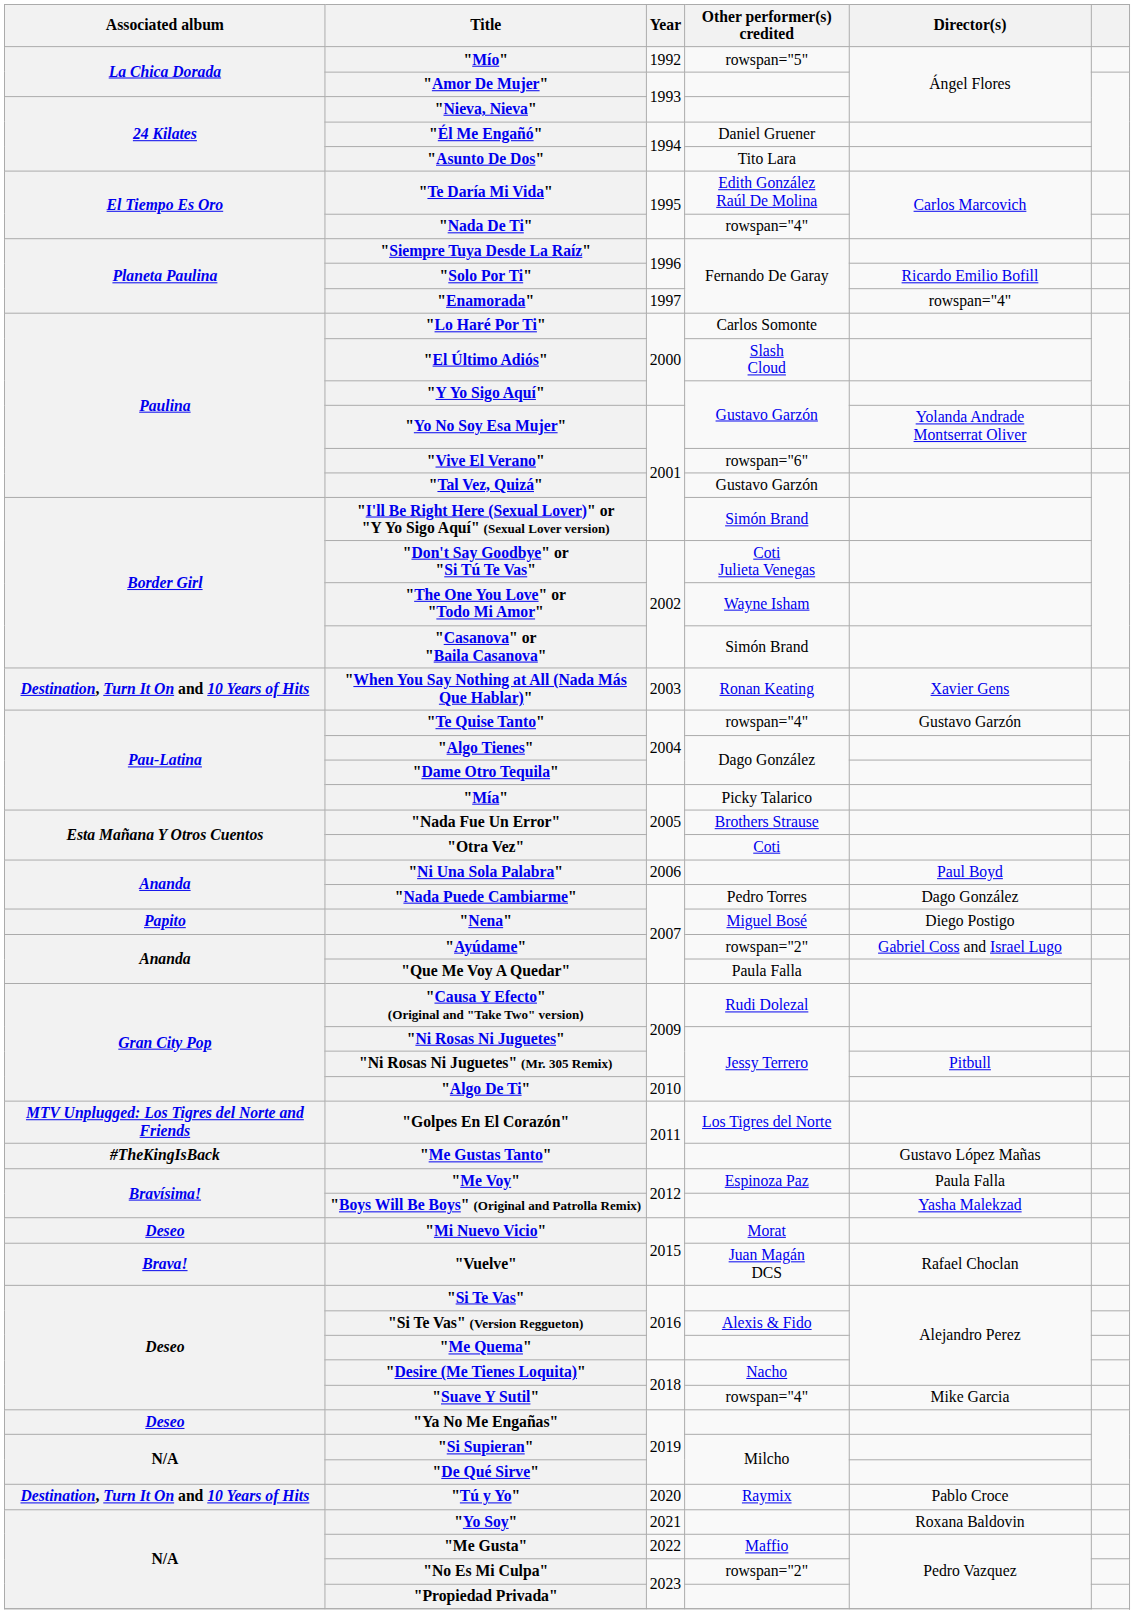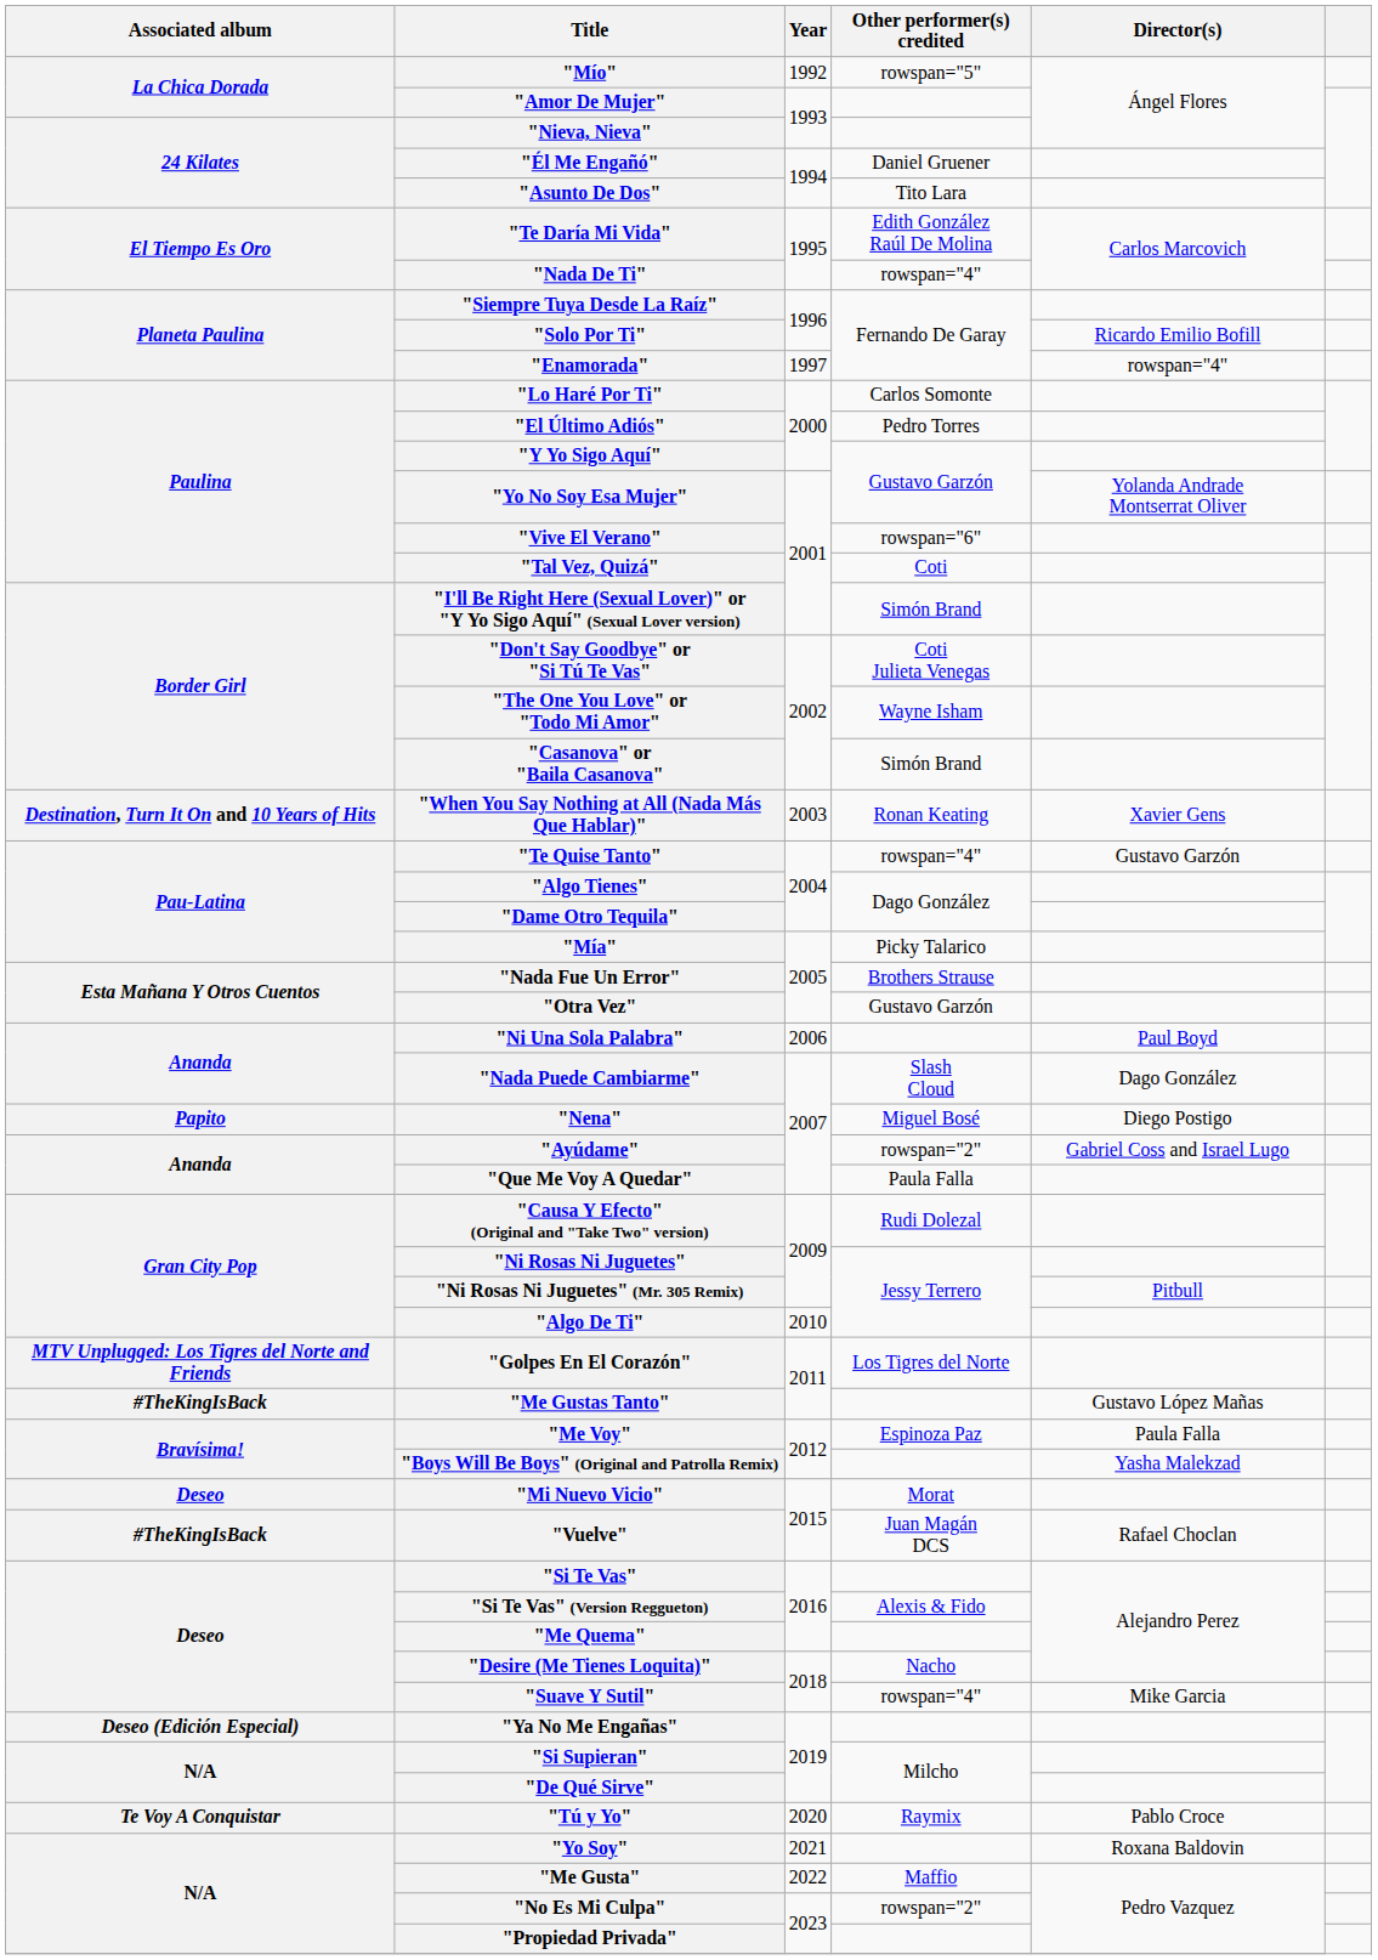 <table class="wikitable sortable plainrowheaders" style="text-align:center;">
 <tr>
 <th scope="col" style="width:20em;">Associated album</th>
 <th scope="col" style="width:20em;">Title</th>
 <th scope="col">Year</th>
 <th scope="col" style="width:10em;">Other performer(s) credited</th>
 <th scope="col" style="width:15em;">Director(s)</th>
 <th scope="col" style="width:2em;" class="unsortable"></th>
 </tr>
 <tr>
 <th scope="row" rowspan="2" style="text-align:center;"><em><a href='#'>La Chica Dorada</a></em></th>
 <th scope="row">"<a href='#'>Mío</a>"</th>
 <td>1992</td>
 <td>rowspan="5" </td>
 <td rowspan="3">Ángel Flores</td>
 <td style="text-align:center;"></td>
 </tr>
 <tr>
 <th scope="row">"<a href='#'>Amor De Mujer</a>"</th>
 <td rowspan="2">1993</td>
 <td style="text-align:center;"></td>
 </tr>
 <tr>
 <th scope="row" rowspan="3" style="text-align:center;"><em><a href='#'>24 Kilates</a></em></th>
 <th scope="row">"<a href='#'>Nieva, Nieva</a>"</th>
 <td style="text-align:center;"></td>
 </tr>
 <tr>
 <th scope="row">"<a href='#'>Él Me Engañó</a>"</th>
 <td rowspan="2">1994</td>
 <td>Daniel Gruener</td>
 <td style="text-align:center;"></td>
 </tr>
 <tr>
 <th scope="row">"<a href='#'>Asunto De Dos</a>"</th>
 <td>Tito Lara</td>
 <td style="text-align:center;"></td>
 </tr>
 <tr>
 <th scope="row" rowspan="2" style="text-align:center;"><em><a href='#'>El Tiempo Es Oro</a></em></th>
 <th scope="row">"<a href='#'>Te Daría Mi Vida</a>"</th>
 <td rowspan="2">1995</td>
 <td><a href='#'>Edith González</a><br><a href='#'>Raúl De Molina</a></td>
 <td rowspan="2"><a href='#'>Carlos Marcovich</a></td>
 <td style="text-align:center;"></td>
 </tr>
 <tr>
 <th scope="row">"<a href='#'>Nada De Ti</a>"</th>
 <td>rowspan="4" </td>
 <td style="text-align:center;"></td>
 </tr>
 <tr>
 <th scope="row" rowspan="3" style="text-align:center;"><em><a href='#'>Planeta Paulina</a></em></th>
 <th scope="row">"<a href='#'>Siempre Tuya Desde La Raíz</a>"</th>
 <td rowspan="2">1996</td>
 <td rowspan="3">Fernando De Garay</td>
 <td style="text-align:center;"></td>
 </tr>
 <tr>
 <th scope="row">"<a href='#'>Solo Por Ti</a>"</th>
 <td><a href='#'>Ricardo Emilio Bofill</a></td>
 <td style="text-align:center;"></td>
 </tr>
 <tr>
 <th scope="row">"<a href='#'>Enamorada</a>"</th>
 <td>1997</td>
 <td>rowspan="4" </td>
 <td style="text-align:center;"></td>
 </tr>
 <tr>
 <th scope="row" rowspan="6" style="text-align:center;"><em><a href='#'>Paulina</a></em></th>
 <th scope="row">"<a href='#'>Lo Haré Por Ti</a>"</th>
 <td rowspan="3">2000</td>
 <td>Carlos Somonte</td>
 <td style="text-align:center;"></td>
 </tr>
 <tr>
 <th scope="row">"<a href='#'>El Último Adiós</a>"</th>
-<td><a href='#'>Slash</a><br><a href='#'>Cloud</a></td>
+<td>Pedro Torres</td>
 <td style="text-align:center;"></td>
 </tr>
 <tr>
 <th scope="row">"<a href='#'>Y Yo Sigo Aquí</a>"</th>
 <td rowspan="2"><a href='#'>Gustavo Garzón</a></td>
 <td style="text-align:center;"></td>
 </tr>
 <tr>
 <th scope="row">"<a href='#'>Yo No Soy Esa Mujer</a>"</th>
 <td rowspan="4">2001</td>
 <td><a href='#'>Yolanda Andrade</a><br><a href='#'>Montserrat Oliver</a></td>
 <td style="text-align:center;"></td>
 </tr>
 <tr>
 <th scope="row">"<a href='#'>Vive El Verano</a>"</th>
 <td>rowspan="6" </td>
 <td></td>
 <td style="text-align:center;"></td>
 </tr>
 <tr>
 <th scope="row">"<a href='#'>Tal Vez, Quizá</a>"</th>
-<td>Gustavo Garzón</td>
+<td><a href='#'>Coti</a></td>
 <td style="text-align:center;"></td>
 </tr>
 <tr>
 <th scope="row" rowspan="4" style="text-align:center;"><em><a href='#'>Border Girl</a></em></th>
 <th scope="row">"<a href='#'>I'll Be Right Here (Sexual Lover)</a>" or  <br> "Y Yo Sigo Aquí" <small>(Sexual Lover version)</small></th>
 <td><a href='#'>Simón Brand</a></td>
 <td style="text-align:center;"></td>
 </tr>
 <tr>
 <th scope="row">"<a href='#'>Don't Say Goodbye</a>" or  <br> "<a href='#'>Si Tú Te Vas</a>"</th>
 <td rowspan="3">2002</td>
 <td><a href='#'>Coti</a><br><a href='#'>Julieta Venegas</a></td>
 <td style="text-align:center;"></td>
 </tr>
 <tr>
 <th scope="row">"<a href='#'>The One You Love</a>" or  <br> "<a href='#'>Todo Mi Amor</a>"</th>
 <td><a href='#'>Wayne Isham</a></td>
 <td style="text-align:center;"></td>
 </tr>
 <tr>
 <th scope="row">"<a href='#'>Casanova</a>" or  <br> "<a href='#'>Baila Casanova</a>"</th>
 <td>Simón Brand</td>
 <td style="text-align:center;"></td>
 </tr>
 <tr>
 <th scope="row" rowspan="1" style="text-align:center;"><em><a href='#'>Destination</a></em>, <em><a href='#'>Turn It On</a></em> and <em><a href='#'>10 Years of Hits</a></em></th>
 <th scope="row">"<a href='#'>When You Say Nothing at All (Nada Más Que Hablar)</a>"</th>
 <td>2003</td>
 <td><a href='#'>Ronan Keating</a></td>
 <td><a href='#'>Xavier Gens</a></td>
 <td style="text-align:center;"></td>
 </tr>
 <tr>
 <th scope="row" rowspan="4" style="text-align:center;"><em><a href='#'>Pau-Latina</a></em></th>
 <th scope="row">"<a href='#'>Te Quise Tanto</a>"</th>
 <td rowspan="3">2004</td>
 <td>rowspan="4" </td>
 <td>Gustavo Garzón</td>
 <td style="text-align:center;"></td>
 </tr>
 <tr>
 <th scope="row">"<a href='#'>Algo Tienes</a>"</th>
 <td rowspan="2">Dago González</td>
 <td style="text-align:center;"></td>
 </tr>
 <tr>
 <th scope="row">"<a href='#'>Dame Otro Tequila</a>"</th>
 <td style="text-align:center;"></td>
 </tr>
 <tr>
 <th scope="row">"<a href='#'>Mía</a>"</th>
 <td rowspan="3">2005</td>
 <td>Picky Talarico</td>
 <td style="text-align:center;"></td>
 </tr>
 <tr>
 <th scope="row" rowspan="2" style="text-align:center;"><em>Esta Mañana Y Otros Cuentos</em></th>
 <th scope="row">"Nada Fue Un Error"</th>
 <td><a href='#'>Brothers Strause</a></td>
 <td></td>
 <td style="text-align:center;"></td>
 </tr>
 <tr>
 <th scope="row">"Otra Vez"</th>
-<td><a href='#'>Coti</a></td>
+<td>Gustavo Garzón</td>
 <td></td>
 <td style="text-align:center;"></td>
 </tr>
 <tr>
 <th scope="row" rowspan="2" style="text-align:center;"><em><a href='#'>Ananda</a></em></th>
 <th scope="row">"<a href='#'>Ni Una Sola Palabra</a>"</th>
 <td>2006</td>
 <td></td>
 <td><a href='#'>Paul Boyd</a></td>
 <td style="text-align:center;"></td>
 </tr>
 <tr>
 <th scope="row">"<a href='#'>Nada Puede Cambiarme</a>"</th>
 <td rowspan="4">2007</td>
-<td>Pedro Torres</td>
+<td><a href='#'>Slash</a><br><a href='#'>Cloud</a></td>
 <td>Dago González</td>
 <td style="text-align:center;"></td>
 </tr>
 <tr>
 <th scope="row" rowspan="1" style="text-align:center;"><em><a href='#'>Papito</a></em></th>
 <th scope="row">"<a href='#'>Nena</a>"</th>
 <td><a href='#'>Miguel Bosé</a></td>
 <td>Diego Postigo</td>
 <td style="text-align:center;"></td>
 </tr>
 <tr>
 <th scope="row" rowspan="2" style="text-align:center;"><em>Ananda</em></th>
 <th scope="row">"<a href='#'>Ayúdame</a>"</th>
 <td>rowspan="2" </td>
 <td><a href='#'>Gabriel Coss</a> and <a href='#'>Israel Lugo</a></td>
 <td style="text-align:center;"></td>
 </tr>
 <tr>
 <th scope="row">"Que Me Voy A Quedar"</th>
 <td>Paula Falla</td>
 <td style="text-align:center;"></td>
 </tr>
 <tr>
 <th scope="row" rowspan="4" style="text-align:center;"><em><a href='#'>Gran City Pop</a></em></th>
 <th scope="row">"<a href='#'>Causa Y Efecto</a>"  <br> <small>(Original and "Take Two" version)</small></th>
 <td rowspan="3">2009</td>
 <td><a href='#'>Rudi Dolezal</a></td>
 <td style="text-align:center;"></td>
 </tr>
 <tr>
 <th scope="row">"<a href='#'>Ni Rosas Ni Juguetes</a>"</th>
 <td rowspan="3"><a href='#'>Jessy Terrero</a></td>
 <td style="text-align:center;"></td>
 </tr>
 <tr>
 <th scope="row">"Ni Rosas Ni Juguetes"  <small>(Mr. 305 Remix)</small></th>
 <td><a href='#'>Pitbull</a></td>
 <td style="text-align:center;"></td>
 </tr>
 <tr>
 <th scope="row">"<a href='#'>Algo De Ti</a>"</th>
 <td>2010</td>
 <td></td>
 <td style="text-align:center;"></td>
 </tr>
 <tr>
 <th scope="row" rowspan="1" style="text-align:center;"><em><a href='#'>MTV Unplugged: Los Tigres del Norte and Friends</a></em></th>
 <th scope="row">"Golpes En El Corazón"</th>
 <td rowspan="2">2011</td>
 <td><a href='#'>Los Tigres del Norte</a></td>
 <td></td>
 <td style="text-align:center;"></td>
 </tr>
 <tr>
 <th scope="row" rowspan="1" style="text-align:center;"><em>#TheKingIsBack</em></th>
 <th scope="row">"<a href='#'>Me Gustas Tanto</a>"</th>
 <td></td>
 <td>Gustavo López Mañas</td>
 <td style="text-align:center;"></td>
 </tr>
 <tr>
 <th scope="row" rowspan="2" style="text-align:center;"><em><a href='#'>Bravísima!</a></em></th>
 <th scope="row">"<a href='#'>Me Voy</a>"</th>
 <td rowspan="2">2012</td>
 <td><a href='#'>Espinoza Paz</a></td>
 <td>Paula Falla</td>
 <td style="text-align:center;"></td>
 </tr>
 <tr>
 <th scope="row">"<a href='#'>Boys Will Be Boys</a>" <small>(Original and Patrolla Remix)</small></th>
 <td></td>
 <td><a href='#'>Yasha Malekzad</a></td>
 <td style="text-align:center;"></td>
 </tr>
 <tr>
 <th scope="row" rowspan="1" style="text-align:center;"><em><a href='#'>Deseo</a></em></th>
 <th scope="row">"<a href='#'>Mi Nuevo Vicio</a>"</th>
 <td rowspan="2">2015</td>
 <td><a href='#'>Morat</a></td>
 <td></td>
 <td style="text-align:center;"></td>
 </tr>
 <tr>
-<th scope="row" rowspan="1" style="text-align:center;"><em><a href='#'>Brava!</a></em></th>
+<th scope="row" rowspan="1" style="text-align:center;"><em>#TheKingIsBack</em></th>
 <th scope="row">"Vuelve"</th>
 <td><a href='#'>Juan Magán</a><br>DCS</td>
 <td>Rafael Choclan</td>
 <td style="text-align:center;"></td>
 </tr>
 <tr>
 <th scope="row" rowspan="5" style="text-align:center;"><em>Deseo</em></th>
 <th scope="row">"<a href='#'>Si Te Vas</a>"</th>
 <td rowspan="3">2016</td>
 <td></td>
 <td rowspan="4">Alejandro Perez</td>
 <td style="text-align:center;"></td>
 </tr>
 <tr>
 <th scope="row">"Si Te Vas"  <small>(Version Reggueton)</small></th>
 <td><a href='#'>Alexis & Fido</a></td>
 <td style="text-align:center;"></td>
 </tr>
 <tr>
 <th scope="row">"<a href='#'>Me Quema</a>"</th>
 <td></td>
 <td style="text-align:center;"></td>
 </tr>
 <tr>
 <th scope="row">"<a href='#'>Desire (Me Tienes Loquita)</a>"</th>
 <td rowspan="2">2018</td>
 <td><a href='#'>Nacho</a></td>
 <td style="text-align:center;"></td>
 </tr>
 <tr>
 <th scope="row">"<a href='#'>Suave Y Sutil</a>"</th>
 <td>rowspan="4" </td>
 <td>Mike Garcia</td>
 <td style="text-align:center;"></td>
 </tr>
 <tr>
-<th scope="row" rowspan="1" style="text-align:center;"><em><a href='#'>Deseo</a></em></th>
+<th scope="row" rowspan="1" style="text-align:center;"><em>Deseo (Edición Especial)</em></th>
 <th scope="row">"Ya No Me Engañas"</th>
 <td rowspan="3">2019</td>
 <td></td>
 <td style="text-align:center;"></td>
 </tr>
 <tr>
 <th scope="row" rowspan="2" style="text-align:center;">N/A</th>
 <th scope="row">"<a href='#'>Si Supieran</a>"</th>
 <td rowspan="2">Milcho</td>
 <td style="text-align:center;"></td>
 </tr>
 <tr>
 <th scope="row">"<a href='#'>De Qué Sirve</a>"</th>
 <td style="text-align:center;"></td>
 </tr>
 <tr>
-<th scope="row" rowspan="1" style="text-align:center;"><em><a href='#'>Destination</a></em>, <em><a href='#'>Turn It On</a></em> and <em><a href='#'>10 Years of Hits</a></em></th>
+<th scope="row" rowspan="1" style="text-align:center;"><em>Te Voy A Conquistar</em></th>
 <th scope="row">"<a href='#'>Tú y Yo</a>"</th>
 <td>2020</td>
 <td><a href='#'>Raymix</a></td>
 <td>Pablo Croce</td>
 <td style="text-align:center;"></td>
 </tr>
 <tr>
 <th scope="row" rowspan="4" style="text-align:center;">N/A</th>
 <th scope="row">"<a href='#'>Yo Soy</a>"</th>
 <td>2021</td>
 <td></td>
 <td>Roxana Baldovin</td>
 <td style="text-align:center;"></td>
 </tr>
 <tr>
 <th scope="row">"Me Gusta"</th>
 <td>2022</td>
 <td><a href='#'>Maffio</a></td>
 <td rowspan="3">Pedro Vazquez</td>
 <td style="text-align:center;"></td>
 </tr>
 <tr>
 <th scope="row">"No Es Mi Culpa"</th>
 <td rowspan="2">2023</td>
 <td>rowspan="2" </td>
 <td style="text-align:center;"></td>
 </tr>
 <tr>
 <th scope="row">"Propiedad Privada"</th>
 <td style="text-align:center;"></td>
 </tr>
 <tr>
 </tr>
 </table>
